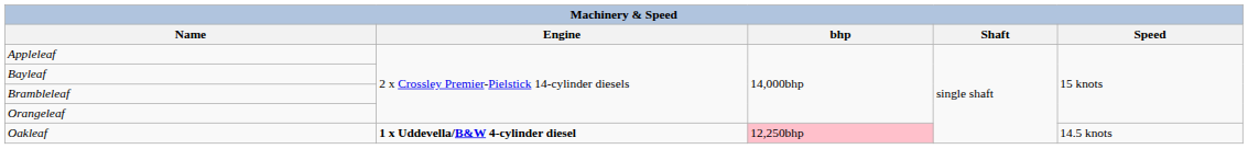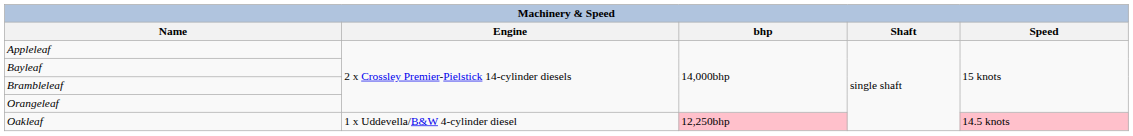 <table class="wikitable" style="margin:auto; width:100%;">
 <tr>
 <th style="align: center; background:#B0C4DE;" colspan="5">Machinery & Speed</th>
 </tr>
 <tr>
 <th style="text-align:center; width:30%;">Name</th>
 <th style="text-align:center; width:30%;">Engine</th>
 <th style="text-align:center; width:15%;">bhp</th>
 <th style="text-align:center; width:10%;">Shaft</th>
 <th style="text-align:center; width:15%;">Speed</th>
 </tr>
 <tr>
 <td><em>Appleleaf</em></td>
 <td rowspan=4>2 x <a href='#'>Crossley Premier</a>-<a href='#'>Pielstick</a> 14-cylinder diesels</td>
 <td rowspan=4>14,000bhp</td>
 <td rowspan=5>single shaft</td>
 <td rowspan=4>15 knots</td>
 </tr>
 <tr>
 <td><em>Bayleaf</em></td>
 </tr>
 <tr>
 <td><em>Brambleleaf</em></td>
 </tr>
 <tr>
 <td><em>Orangeleaf</em></td>
 </tr>
 <tr>
 <td><em>Oakleaf</em></td>
-<td><strong>1 x Uddevella/<a href='#'>B&W</a> 4-cylinder diesel</strong></td>
+<td>1 x Uddevella/<a href='#'>B&W</a> 4-cylinder diesel</td>
 <td style="background: pink;">12,250bhp</td>
-<td>14.5 knots</td>
+<td style="background: pink;">14.5 knots</td>
 </tr>
 </table>
